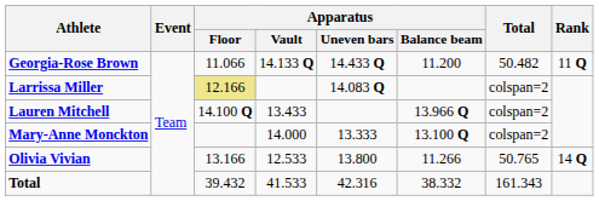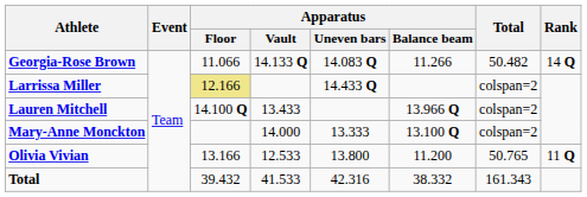 <table class="wikitable" style="font-size:90%">
 <tr>
 <th rowspan=2>Athlete</th>
 <th rowspan=2>Event</th>
 <th colspan=4>Apparatus</th>
 <th rowspan=2>Total</th>
 <th rowspan=2>Rank</th>
 </tr>
 <tr style="font-size:95%">
 <th>Floor</th>
 <th>Vault</th>
 <th>Uneven bars</th>
 <th>Balance beam</th>
 </tr>
 <tr align=center>
 <td align=left><strong><a href='#'>Georgia-Rose Brown</a></strong></td>
 <td align=left rowspan=6><a href='#'>Team</a></td>
 <td>11.066</td>
 <td>14.133 <strong>Q</strong></td>
-<td>14.433 <strong>Q</strong></td>
-<td>11.200</td>
+<td>14.083 <strong>Q</strong></td>
+<td>11.266</td>
 <td>50.482</td>
-<td>11 <strong>Q</strong></td>
+<td>14 <strong>Q</strong></td>
 </tr>
 <tr align=center>
 <td align=left><strong><a href='#'>Larrissa Miller</a></strong></td>
 <td style="background: khaki;">12.166</td>
 <td></td>
-<td>14.083 <strong>Q</strong></td>
+<td>14.433 <strong>Q</strong></td>
 <td></td>
 <td>colspan=2 </td>
 </tr>
 <tr align=center>
 <td align=left><strong><a href='#'>Lauren Mitchell</a></strong></td>
 <td>14.100 <strong>Q</strong></td>
 <td>13.433</td>
 <td></td>
 <td>13.966 <strong>Q</strong></td>
 <td>colspan=2 </td>
 </tr>
 <tr align=center>
 <td align=left><strong><a href='#'>Mary-Anne Monckton</a></strong></td>
 <td></td>
 <td>14.000</td>
 <td>13.333</td>
 <td>13.100 <strong>Q</strong></td>
 <td>colspan=2 </td>
 </tr>
 <tr align=center>
 <td align=left><strong><a href='#'>Olivia Vivian</a></strong></td>
 <td>13.166</td>
 <td>12.533</td>
 <td>13.800</td>
-<td>11.266</td>
+<td>11.200</td>
 <td>50.765</td>
-<td>14 <strong>Q</strong></td>
+<td>11 <strong>Q</strong></td>
 </tr>
 <tr align=center>
 <td align=left><strong>Total</strong></td>
 <td>39.432</td>
 <td>41.533</td>
 <td>42.316</td>
 <td>38.332</td>
 <td>161.343</td>
 <td></td>
 </tr>
 </table>
